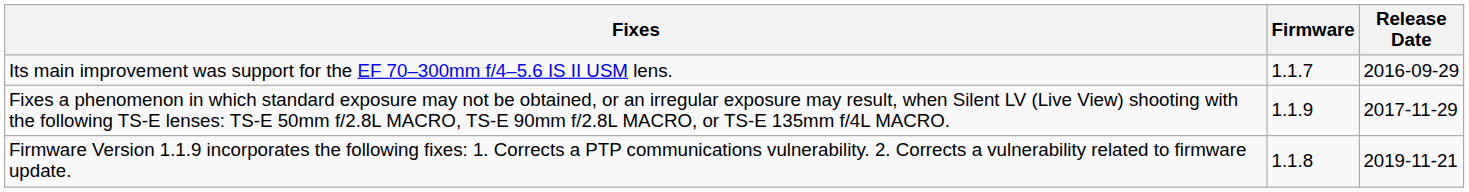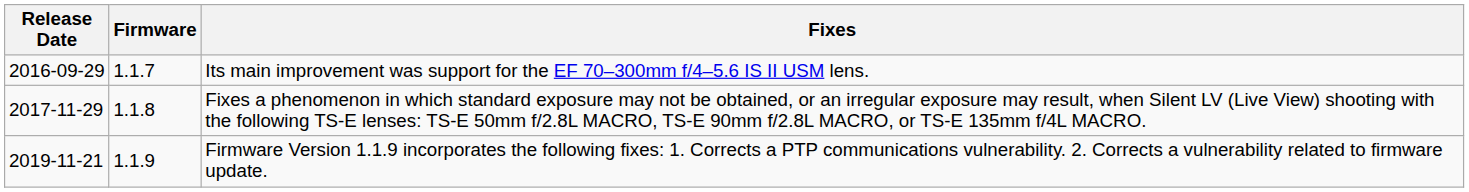 <table class="wikitable">
 <tr>
+<th>Release Date</th>
+<th>Firmware</th>
 <th>Fixes</th>
-<th>Firmware</th>
-<th>Release Date</th>
 </tr>
 <tr>
+<td>2016-09-29</td>
+<td>1.1.7</td>
 <td>Its main improvement was support for the <a href='#'>EF 70–300mm f/4–5.6 IS II USM</a> lens.</td>
-<td>1.1.7</td>
-<td>2016-09-29</td>
 </tr>
 <tr>
+<td>2017-11-29</td>
+<td>1.1.8</td>
 <td>Fixes a phenomenon in which standard exposure may not be obtained, or an irregular exposure may result, when Silent LV (Live View) shooting with the following TS-E lenses: TS-E 50mm f/2.8L MACRO, TS-E 90mm f/2.8L MACRO, or TS-E 135mm f/4L MACRO.</td>
-<td>1.1.9</td>
-<td>2017-11-29</td>
 </tr>
 <tr>
+<td>2019-11-21</td>
+<td>1.1.9</td>
 <td>Firmware Version 1.1.9 incorporates the following fixes: 1. Corrects a PTP communications vulnerability. 2. Corrects a vulnerability related to firmware update.</td>
-<td>1.1.8</td>
-<td>2019-11-21</td>
 </tr>
 </table>
